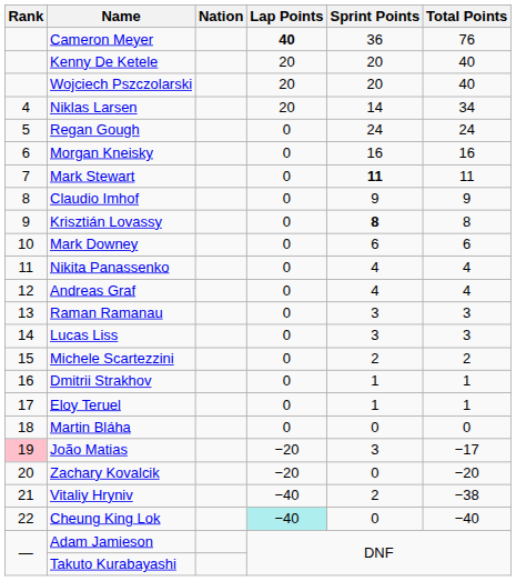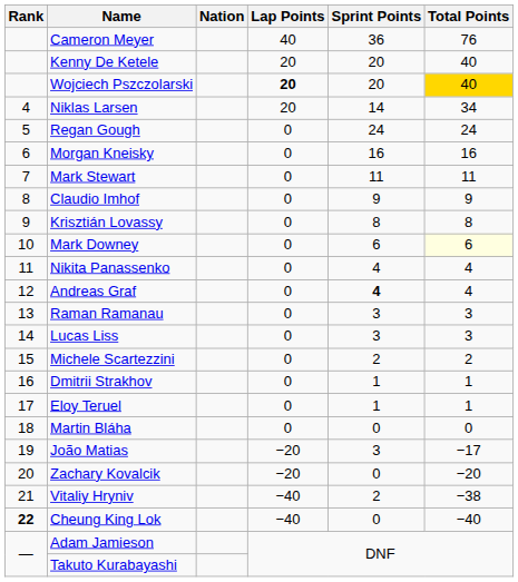 <table class="wikitable sortable" style="text-align:center">
 <tr>
 <th>Rank</th>
 <th>Name</th>
 <th>Nation</th>
 <th>Lap Points</th>
 <th>Sprint Points</th>
 <th>Total Points</th>
 </tr>
 <tr>
 <td></td>
 <td align=left><a href='#'>Cameron Meyer</a></td>
 <td align=left></td>
-<td><strong>40</strong></td>
+<td>40</td>
 <td>36</td>
 <td>76</td>
 </tr>
 <tr>
 <td></td>
 <td align=left><a href='#'>Kenny De Ketele</a></td>
 <td align=left></td>
 <td>20</td>
 <td>20</td>
 <td>40</td>
 </tr>
 <tr>
 <td></td>
 <td align=left><a href='#'>Wojciech Pszczolarski</a></td>
 <td align=left></td>
+<td><strong>20</strong></td>
 <td>20</td>
-<td>20</td>
-<td>40</td>
+<td style="background: gold;">40</td>
 </tr>
 <tr>
 <td>4</td>
 <td align=left><a href='#'>Niklas Larsen</a></td>
 <td align=left></td>
 <td>20</td>
 <td>14</td>
 <td>34</td>
 </tr>
 <tr>
 <td>5</td>
 <td align=left><a href='#'>Regan Gough</a></td>
 <td align=left></td>
 <td>0</td>
 <td>24</td>
 <td>24</td>
 </tr>
 <tr>
 <td>6</td>
 <td align=left><a href='#'>Morgan Kneisky</a></td>
 <td align=left></td>
 <td>0</td>
 <td>16</td>
 <td>16</td>
 </tr>
 <tr>
 <td>7</td>
 <td align=left><a href='#'>Mark Stewart</a></td>
 <td align=left></td>
 <td>0</td>
-<td><strong>11</strong></td>
+<td>11</td>
 <td>11</td>
 </tr>
 <tr>
 <td>8</td>
 <td align=left><a href='#'>Claudio Imhof</a></td>
 <td align=left></td>
 <td>0</td>
 <td>9</td>
 <td>9</td>
 </tr>
 <tr>
 <td>9</td>
 <td align=left><a href='#'>Krisztián Lovassy</a></td>
 <td align=left></td>
 <td>0</td>
-<td><strong>8</strong></td>
+<td>8</td>
 <td>8</td>
 </tr>
 <tr>
 <td>10</td>
 <td align=left><a href='#'>Mark Downey</a></td>
 <td align=left></td>
 <td>0</td>
 <td>6</td>
-<td>6</td>
+<td style="background: lightyellow;">6</td>
 </tr>
 <tr>
 <td>11</td>
 <td align=left><a href='#'>Nikita Panassenko</a></td>
 <td align=left></td>
 <td>0</td>
 <td>4</td>
 <td>4</td>
 </tr>
 <tr>
 <td>12</td>
 <td align=left><a href='#'>Andreas Graf</a></td>
 <td align=left></td>
 <td>0</td>
-<td>4</td>
+<td><strong>4</strong></td>
 <td>4</td>
 </tr>
 <tr>
 <td>13</td>
 <td align=left><a href='#'>Raman Ramanau</a></td>
 <td align=left></td>
 <td>0</td>
 <td>3</td>
 <td>3</td>
 </tr>
 <tr>
 <td>14</td>
 <td align=left><a href='#'>Lucas Liss</a></td>
 <td align=left></td>
 <td>0</td>
 <td>3</td>
 <td>3</td>
 </tr>
 <tr>
 <td>15</td>
 <td align=left><a href='#'>Michele Scartezzini</a></td>
 <td align=left></td>
 <td>0</td>
 <td>2</td>
 <td>2</td>
 </tr>
 <tr>
 <td>16</td>
 <td align=left><a href='#'>Dmitrii Strakhov</a></td>
 <td align=left></td>
 <td>0</td>
 <td>1</td>
 <td>1</td>
 </tr>
 <tr>
 <td>17</td>
 <td align=left><a href='#'>Eloy Teruel</a></td>
 <td align=left></td>
 <td>0</td>
 <td>1</td>
 <td>1</td>
 </tr>
 <tr>
 <td>18</td>
 <td align=left><a href='#'>Martin Bláha</a></td>
 <td align=left></td>
 <td>0</td>
 <td>0</td>
 <td>0</td>
 </tr>
 <tr>
-<td style="background: pink;">19</td>
+<td>19</td>
 <td align=left><a href='#'>João Matias</a></td>
 <td align=left></td>
 <td>−20</td>
 <td>3</td>
 <td>−17</td>
 </tr>
 <tr>
 <td>20</td>
 <td align=left><a href='#'>Zachary Kovalcik</a></td>
 <td align=left></td>
 <td>−20</td>
 <td>0</td>
 <td>−20</td>
 </tr>
 <tr>
 <td>21</td>
 <td align=left><a href='#'>Vitaliy Hryniv</a></td>
 <td align=left></td>
 <td>−40</td>
 <td>2</td>
 <td>−38</td>
 </tr>
 <tr>
-<td>22</td>
+<td><strong>22</strong></td>
 <td align=left><a href='#'>Cheung King Lok</a></td>
 <td align=left></td>
-<td style="background: paleturquoise;">−40</td>
+<td>−40</td>
 <td>0</td>
 <td>−40</td>
 </tr>
 <tr>
 <td rowspan=2>—</td>
 <td align=left><a href='#'>Adam Jamieson</a></td>
 <td align=left></td>
 <td colspan=3 rowspan=2>DNF</td>
 </tr>
 <tr>
 <td align=left><a href='#'>Takuto Kurabayashi</a></td>
 <td align=left></td>
 </tr>
 </table>
